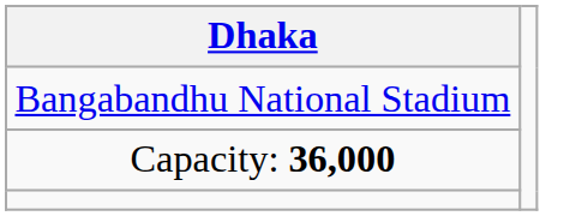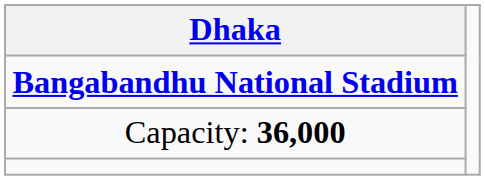 <table class="wikitable" style="text-align:center">
 <tr>
 <th><a href='#'>Dhaka</a></th>
 <td rowspan="4"></td>
 </tr>
 <tr>
-<td><a href='#'>Bangabandhu National Stadium</a></td>
+<td><strong><a href='#'>Bangabandhu National Stadium</a></strong></td>
 </tr>
 <tr>
 <td>Capacity: <strong>36,000</strong></td>
 </tr>
 <tr>
 <td></td>
 </tr>
 </table>
